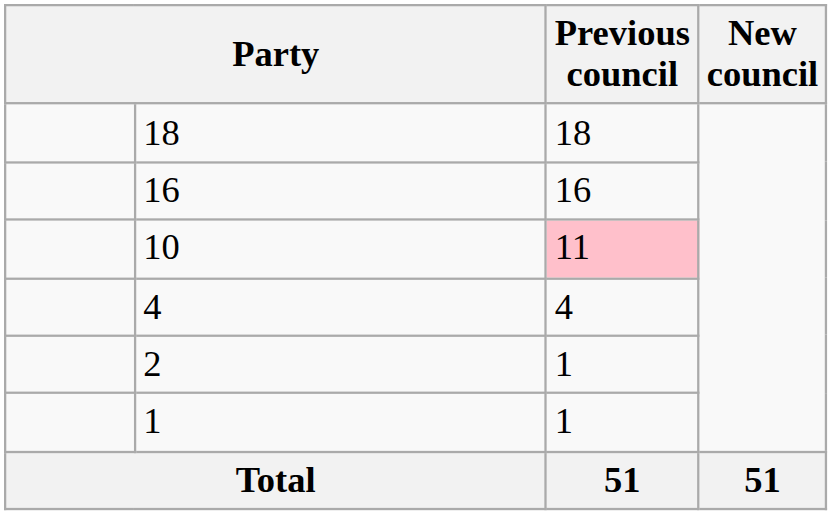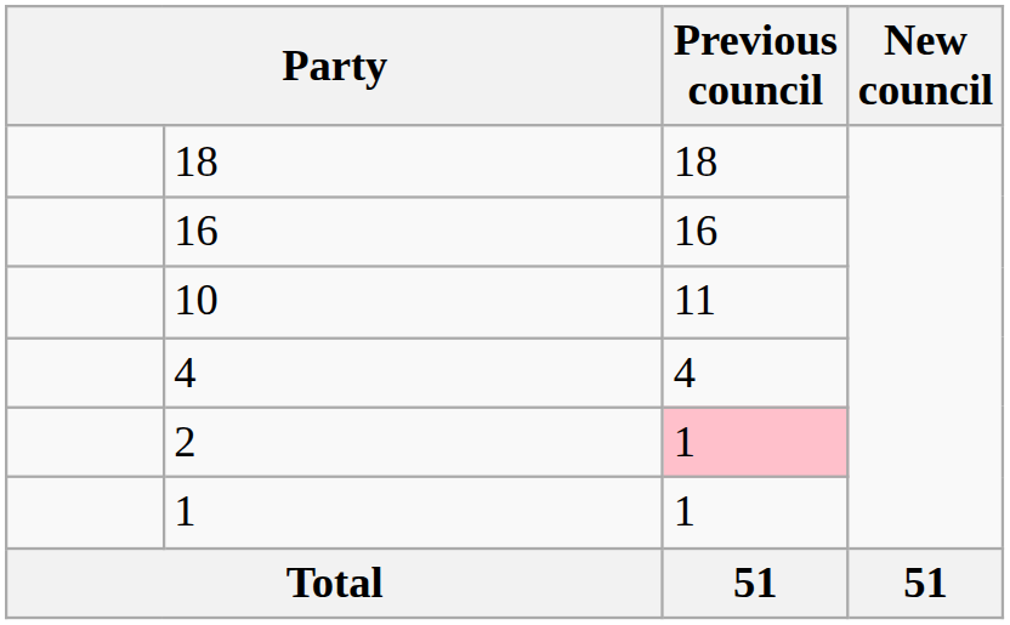 <table class="wikitable">
 <tr>
 <th valign=centre colspan="2" style="width: 230px">Party</th>
 <th valign=top style="width: 30px">Previous council</th>
 <th valign=top style="width: 30px">New council</th>
 </tr>
 <tr>
 <td></td>
 <td>18</td>
 <td>18</td>
 </tr>
 <tr>
 <td></td>
 <td>16</td>
 <td>16</td>
 </tr>
 <tr>
 <td></td>
 <td>10</td>
-<td style="background: pink;">11</td>
+<td>11</td>
 </tr>
 <tr>
 <td></td>
 <td>4</td>
 <td>4</td>
 </tr>
 <tr>
 <td></td>
 <td>2</td>
-<td>1</td>
+<td style="background: pink;">1</td>
 </tr>
 <tr>
 <td></td>
 <td>1</td>
 <td>1</td>
 </tr>
 <tr>
 <th colspan=2>Total</th>
 <th style="text-align: center">51</th>
 <th colspan=3>51</th>
 </tr>
 </table>
